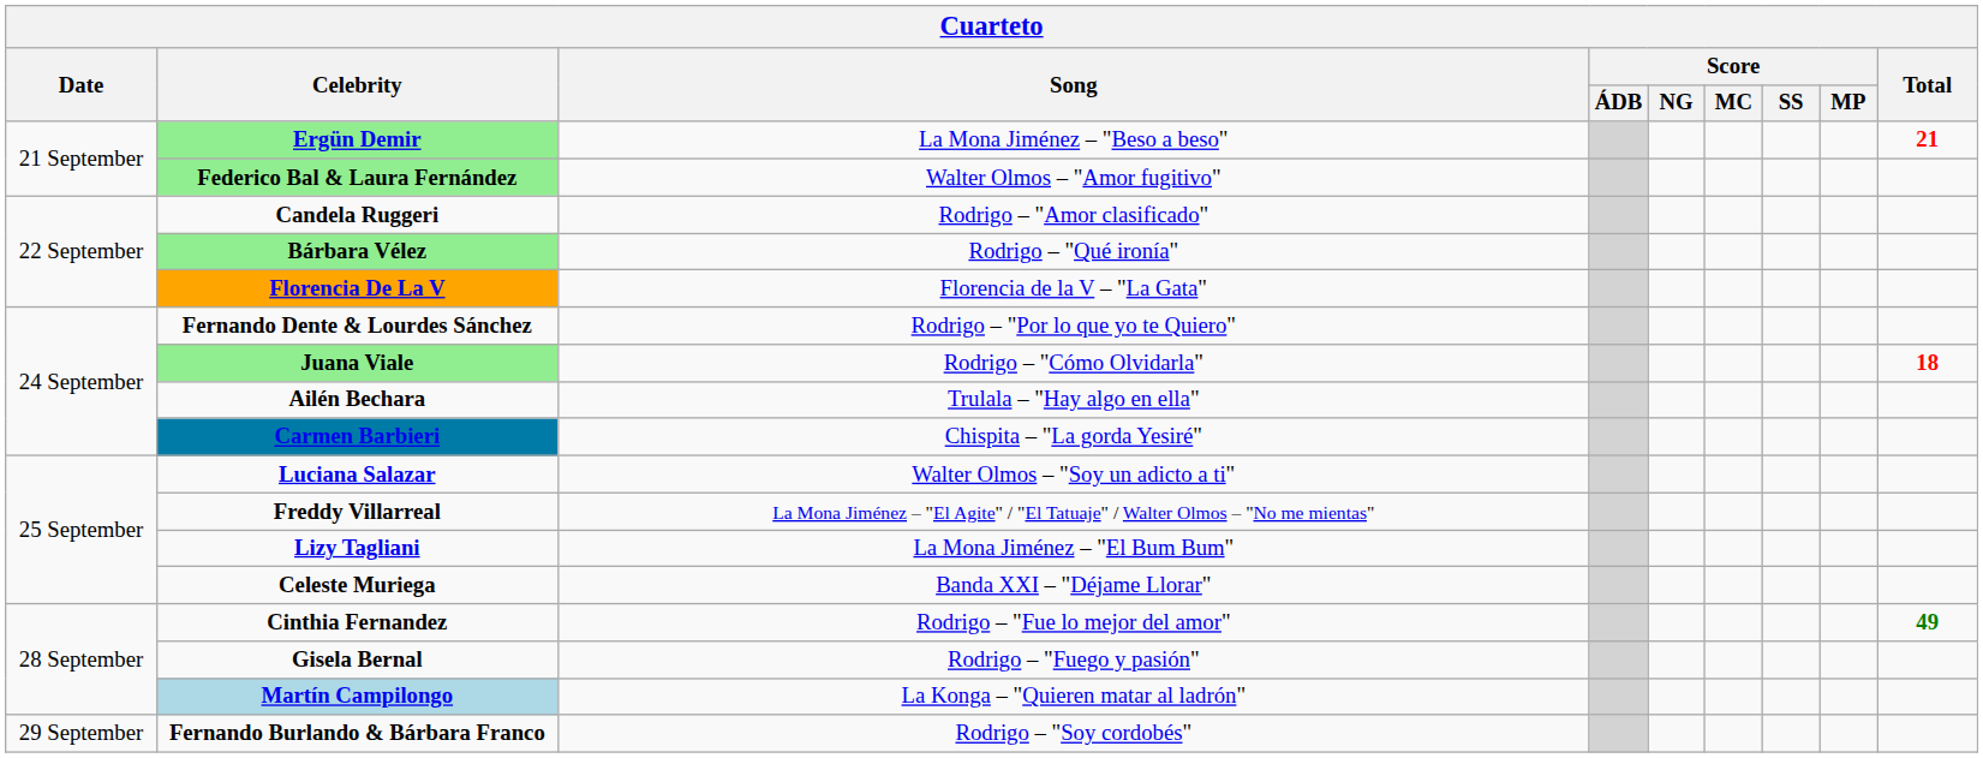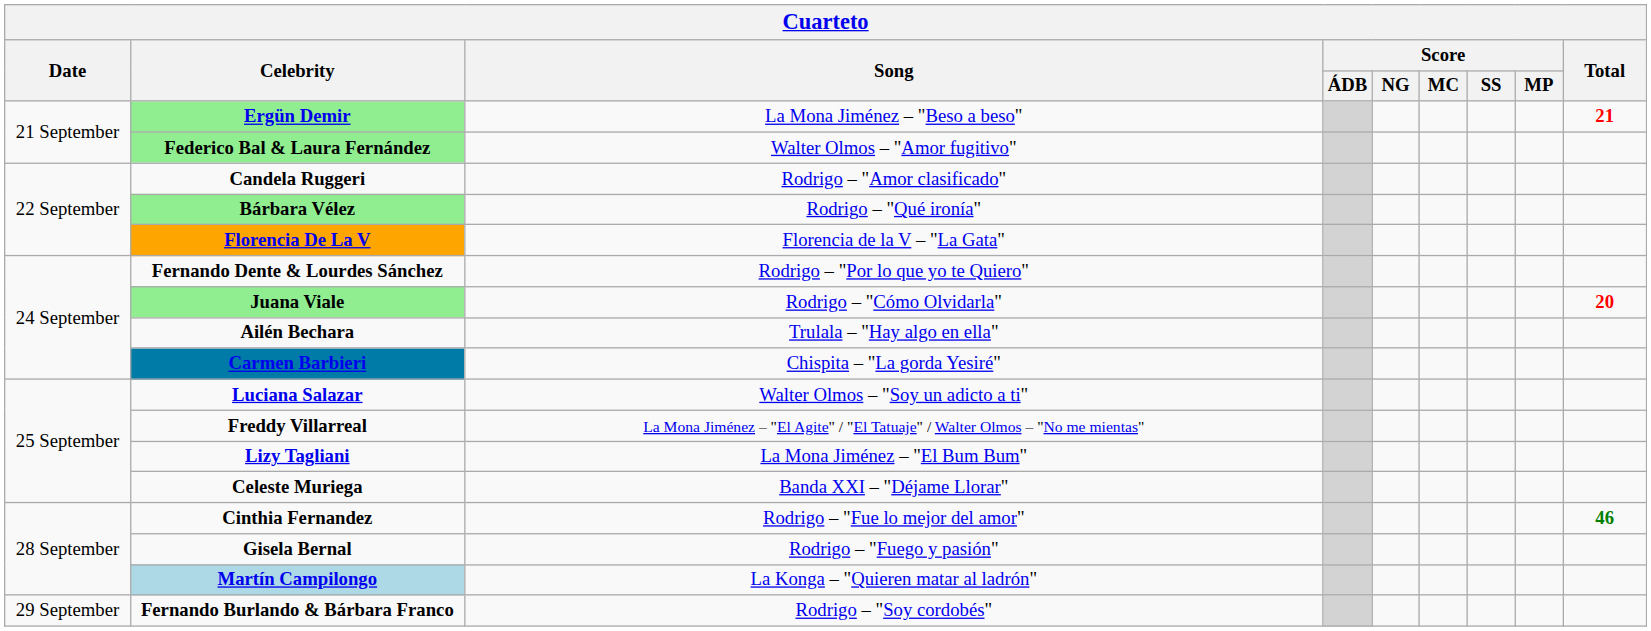 <table class="wikitable collapsible collapsed" style="font-size:90%; text-align: center; width: 100%;">
 <tr>
 <th colspan="11" style="with: 95%;" align=center><big><a href='#'>Cuarteto</a></big></th>
 </tr>
 <tr>
 <th width=90 rowspan="2">Date</th>
 <th width=250 rowspan="2">Celebrity</th>
 <th rowspan="2">Song</th>
 <th colspan="5">Score</th>
 <th rowspan="2">Total</th>
 </tr>
 <tr>
 <th width=30>ÁDB</th>
 <th width=30>NG</th>
 <th width=30>MC</th>
 <th width=30>SS</th>
 <th width=30>MP</th>
 </tr>
 <tr>
 <td rowspan=2>21 September</td>
 <td style="background:lightgreen;"><strong><a href='#'>Ergün Demir</a></strong></td>
 <td><a href='#'>La Mona Jiménez</a> – "<a href='#'>Beso a beso</a>"</td>
 <td bgcolor="lightgray"></td>
 <td></td>
 <td></td>
 <td></td>
 <td></td>
 <td style="text-align:center; color:red;"><strong>21</strong></td>
 </tr>
 <tr>
 <td style="background:lightgreen;"><strong>Federico Bal & Laura Fernández</strong></td>
 <td><a href='#'>Walter Olmos</a> – "<a href='#'>Amor fugitivo</a>"</td>
 <td bgcolor="lightgray"></td>
 <td></td>
 <td></td>
 <td></td>
 <td></td>
 <td></td>
 </tr>
 <tr>
 <td rowspan=3>22 September</td>
 <td><strong>Candela Ruggeri</strong></td>
 <td><a href='#'>Rodrigo</a> – "<a href='#'>Amor clasificado</a>"</td>
 <td bgcolor="lightgray"></td>
 <td></td>
 <td></td>
 <td></td>
 <td></td>
 <td></td>
 </tr>
 <tr>
 <td style="background:lightgreen;"><strong>Bárbara Vélez</strong></td>
 <td><a href='#'>Rodrigo</a> – "<a href='#'>Qué ironía</a>"</td>
 <td bgcolor="lightgray"></td>
 <td></td>
 <td></td>
 <td></td>
 <td></td>
 <td></td>
 </tr>
 <tr>
 <td style="background:Orange;"><strong><a href='#'>Florencia De La V</a></strong></td>
 <td><a href='#'>Florencia de la V</a> – "<a href='#'>La Gata</a>"</td>
 <td bgcolor="lightgray"></td>
 <td></td>
 <td></td>
 <td></td>
 <td></td>
 <td></td>
 </tr>
 <tr>
 <td rowspan=4>24 September</td>
 <td><strong>Fernando Dente & Lourdes Sánchez</strong></td>
 <td><a href='#'>Rodrigo</a> – "<a href='#'>Por lo que yo te Quiero</a>"</td>
 <td bgcolor="lightgray"></td>
 <td></td>
 <td></td>
 <td></td>
 <td></td>
 <td></td>
 </tr>
 <tr>
 <td style="background:lightgreen;"><strong>Juana Viale</strong></td>
 <td><a href='#'>Rodrigo</a> – "<a href='#'>Cómo Olvidarla</a>"</td>
 <td bgcolor="lightgray"></td>
 <td></td>
 <td></td>
 <td></td>
 <td></td>
-<td style="text-align:center; color:red;"><strong>18</strong></td>
+<td style="text-align:center; color:red;"><strong>20</strong></td>
 </tr>
 <tr>
 <td><strong>Ailén Bechara</strong></td>
 <td><a href='#'>Trulala</a> – "<a href='#'>Hay algo en ella</a>"</td>
 <td bgcolor="lightgray"></td>
 <td></td>
 <td></td>
 <td></td>
 <td></td>
 <td></td>
 </tr>
 <tr>
 <td style="background:#007BA7;"><strong><a href='#'>Carmen Barbieri</a></strong></td>
 <td><a href='#'>Chispita</a> – "<a href='#'>La gorda Yesiré</a>"</td>
 <td bgcolor="lightgray"></td>
 <td></td>
 <td></td>
 <td></td>
 <td></td>
 <td></td>
 </tr>
 <tr>
 <td rowspan=4>25 September</td>
 <td><strong><a href='#'>Luciana Salazar</a></strong></td>
 <td><a href='#'>Walter Olmos</a> – "<a href='#'>Soy un adicto a ti</a>"</td>
 <td bgcolor="lightgray"></td>
 <td></td>
 <td></td>
 <td></td>
 <td></td>
 <td></td>
 </tr>
 <tr>
 <td><strong>Freddy Villarreal</strong></td>
 <td><small><a href='#'>La Mona Jiménez</a> –  "<a href='#'>El Agite</a>" / "<a href='#'>El Tatuaje</a>" / <a href='#'>Walter Olmos</a> – "<a href='#'>No me mientas</a>"</small></td>
 <td bgcolor="lightgray"></td>
 <td></td>
 <td></td>
 <td></td>
 <td></td>
 <td></td>
 </tr>
 <tr>
 <td><strong><a href='#'>Lizy Tagliani</a></strong></td>
 <td><a href='#'>La Mona Jiménez</a> – "<a href='#'>El Bum Bum</a>"</td>
 <td bgcolor="lightgray"></td>
 <td></td>
 <td></td>
 <td></td>
 <td></td>
 <td></td>
 </tr>
 <tr>
 <td><strong>Celeste Muriega</strong></td>
 <td><a href='#'>Banda XXI</a> – "<a href='#'>Déjame Llorar</a>"</td>
 <td bgcolor="lightgray"></td>
 <td></td>
 <td></td>
 <td></td>
 <td></td>
 <td></td>
 </tr>
 <tr>
 <td rowspan=3>28 September</td>
 <td><strong>Cinthia Fernandez</strong></td>
 <td><a href='#'>Rodrigo</a> – "<a href='#'>Fue lo mejor del amor</a>"</td>
 <td bgcolor="lightgray"></td>
 <td></td>
 <td></td>
 <td></td>
 <td></td>
-<td style="text-align:center; color:green;"><strong>49</strong></td>
+<td style="text-align:center; color:green;"><strong>46</strong></td>
 </tr>
 <tr>
 <td><strong>Gisela Bernal</strong></td>
 <td><a href='#'>Rodrigo</a> – "<a href='#'>Fuego y pasión</a>"</td>
 <td bgcolor="lightgray"></td>
 <td></td>
 <td></td>
 <td></td>
 <td></td>
 <td></td>
 </tr>
 <tr>
 <td style="background:lightblue;"><strong><a href='#'>Martín Campilongo</a></strong></td>
 <td><a href='#'>La Konga</a> – "<a href='#'>Quieren matar al ladrón</a>"</td>
 <td bgcolor="lightgray"></td>
 <td></td>
 <td></td>
 <td></td>
 <td></td>
 <td></td>
 </tr>
 <tr>
 <td rowspan=1>29 September</td>
 <td><strong>Fernando Burlando & Bárbara Franco</strong></td>
 <td><a href='#'>Rodrigo</a> – "<a href='#'>Soy cordobés</a>"</td>
 <td bgcolor="lightgray"></td>
 <td></td>
 <td></td>
 <td></td>
 <td></td>
 <td></td>
 </tr>
 </table>
